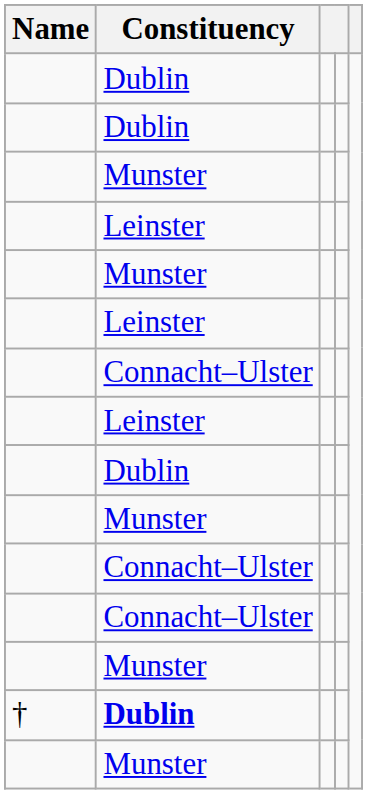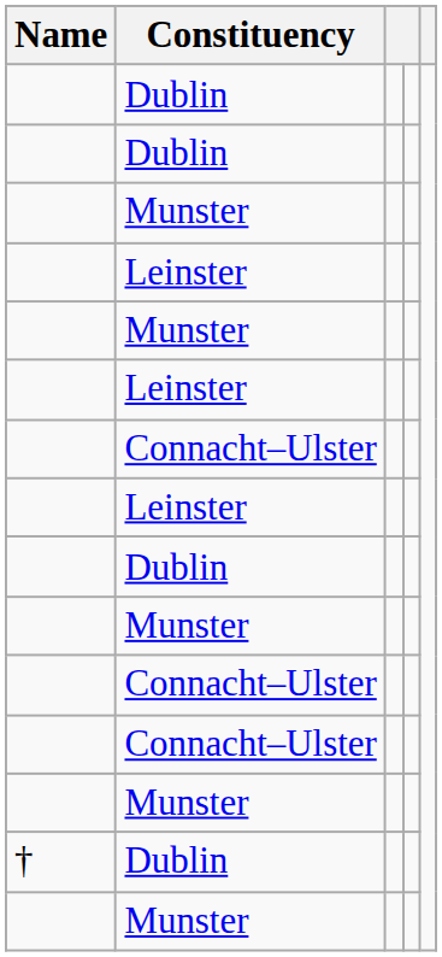 <table class="wikitable sortable">
 <tr>
 <th>Name</th>
 <th>Constituency</th>
 <th colspan=2></th>
 <th colspan=2></th>
 </tr>
 <tr>
 <td></td>
 <td><a href='#'>Dublin</a></td>
 <td></td>
 <td></td>
 </tr>
 <tr>
 <td></td>
 <td><a href='#'>Dublin</a></td>
 <td></td>
 <td></td>
 </tr>
 <tr>
 <td></td>
 <td><a href='#'>Munster</a></td>
 <td></td>
 <td></td>
 </tr>
 <tr>
 <td></td>
 <td><a href='#'>Leinster</a></td>
 <td></td>
 <td></td>
 </tr>
 <tr>
 <td></td>
 <td><a href='#'>Munster</a></td>
 <td></td>
 <td></td>
 </tr>
 <tr>
 <td></td>
 <td><a href='#'>Leinster</a></td>
 <td></td>
 <td></td>
 </tr>
 <tr>
 <td></td>
 <td><a href='#'>Connacht–Ulster</a></td>
 <td></td>
 <td></td>
 </tr>
 <tr>
 <td></td>
 <td><a href='#'>Leinster</a></td>
 <td></td>
 <td></td>
 </tr>
 <tr>
 <td></td>
 <td><a href='#'>Dublin</a></td>
 <td></td>
 <td></td>
 </tr>
 <tr>
 <td></td>
 <td><a href='#'>Munster</a></td>
 <td></td>
 <td></td>
 </tr>
 <tr>
 <td></td>
 <td><a href='#'>Connacht–Ulster</a></td>
 <td></td>
 <td></td>
 </tr>
 <tr>
 <td></td>
 <td><a href='#'>Connacht–Ulster</a></td>
 <td></td>
 <td></td>
 </tr>
 <tr>
 <td></td>
 <td><a href='#'>Munster</a></td>
 <td></td>
 <td></td>
 </tr>
 <tr>
 <td>†</td>
-<td><strong><a href='#'>Dublin</a></strong></td>
+<td><a href='#'>Dublin</a></td>
 <td></td>
 <td></td>
 </tr>
 <tr>
 <td></td>
 <td><a href='#'>Munster</a></td>
 <td></td>
 <td></td>
 </tr>
 </table>
